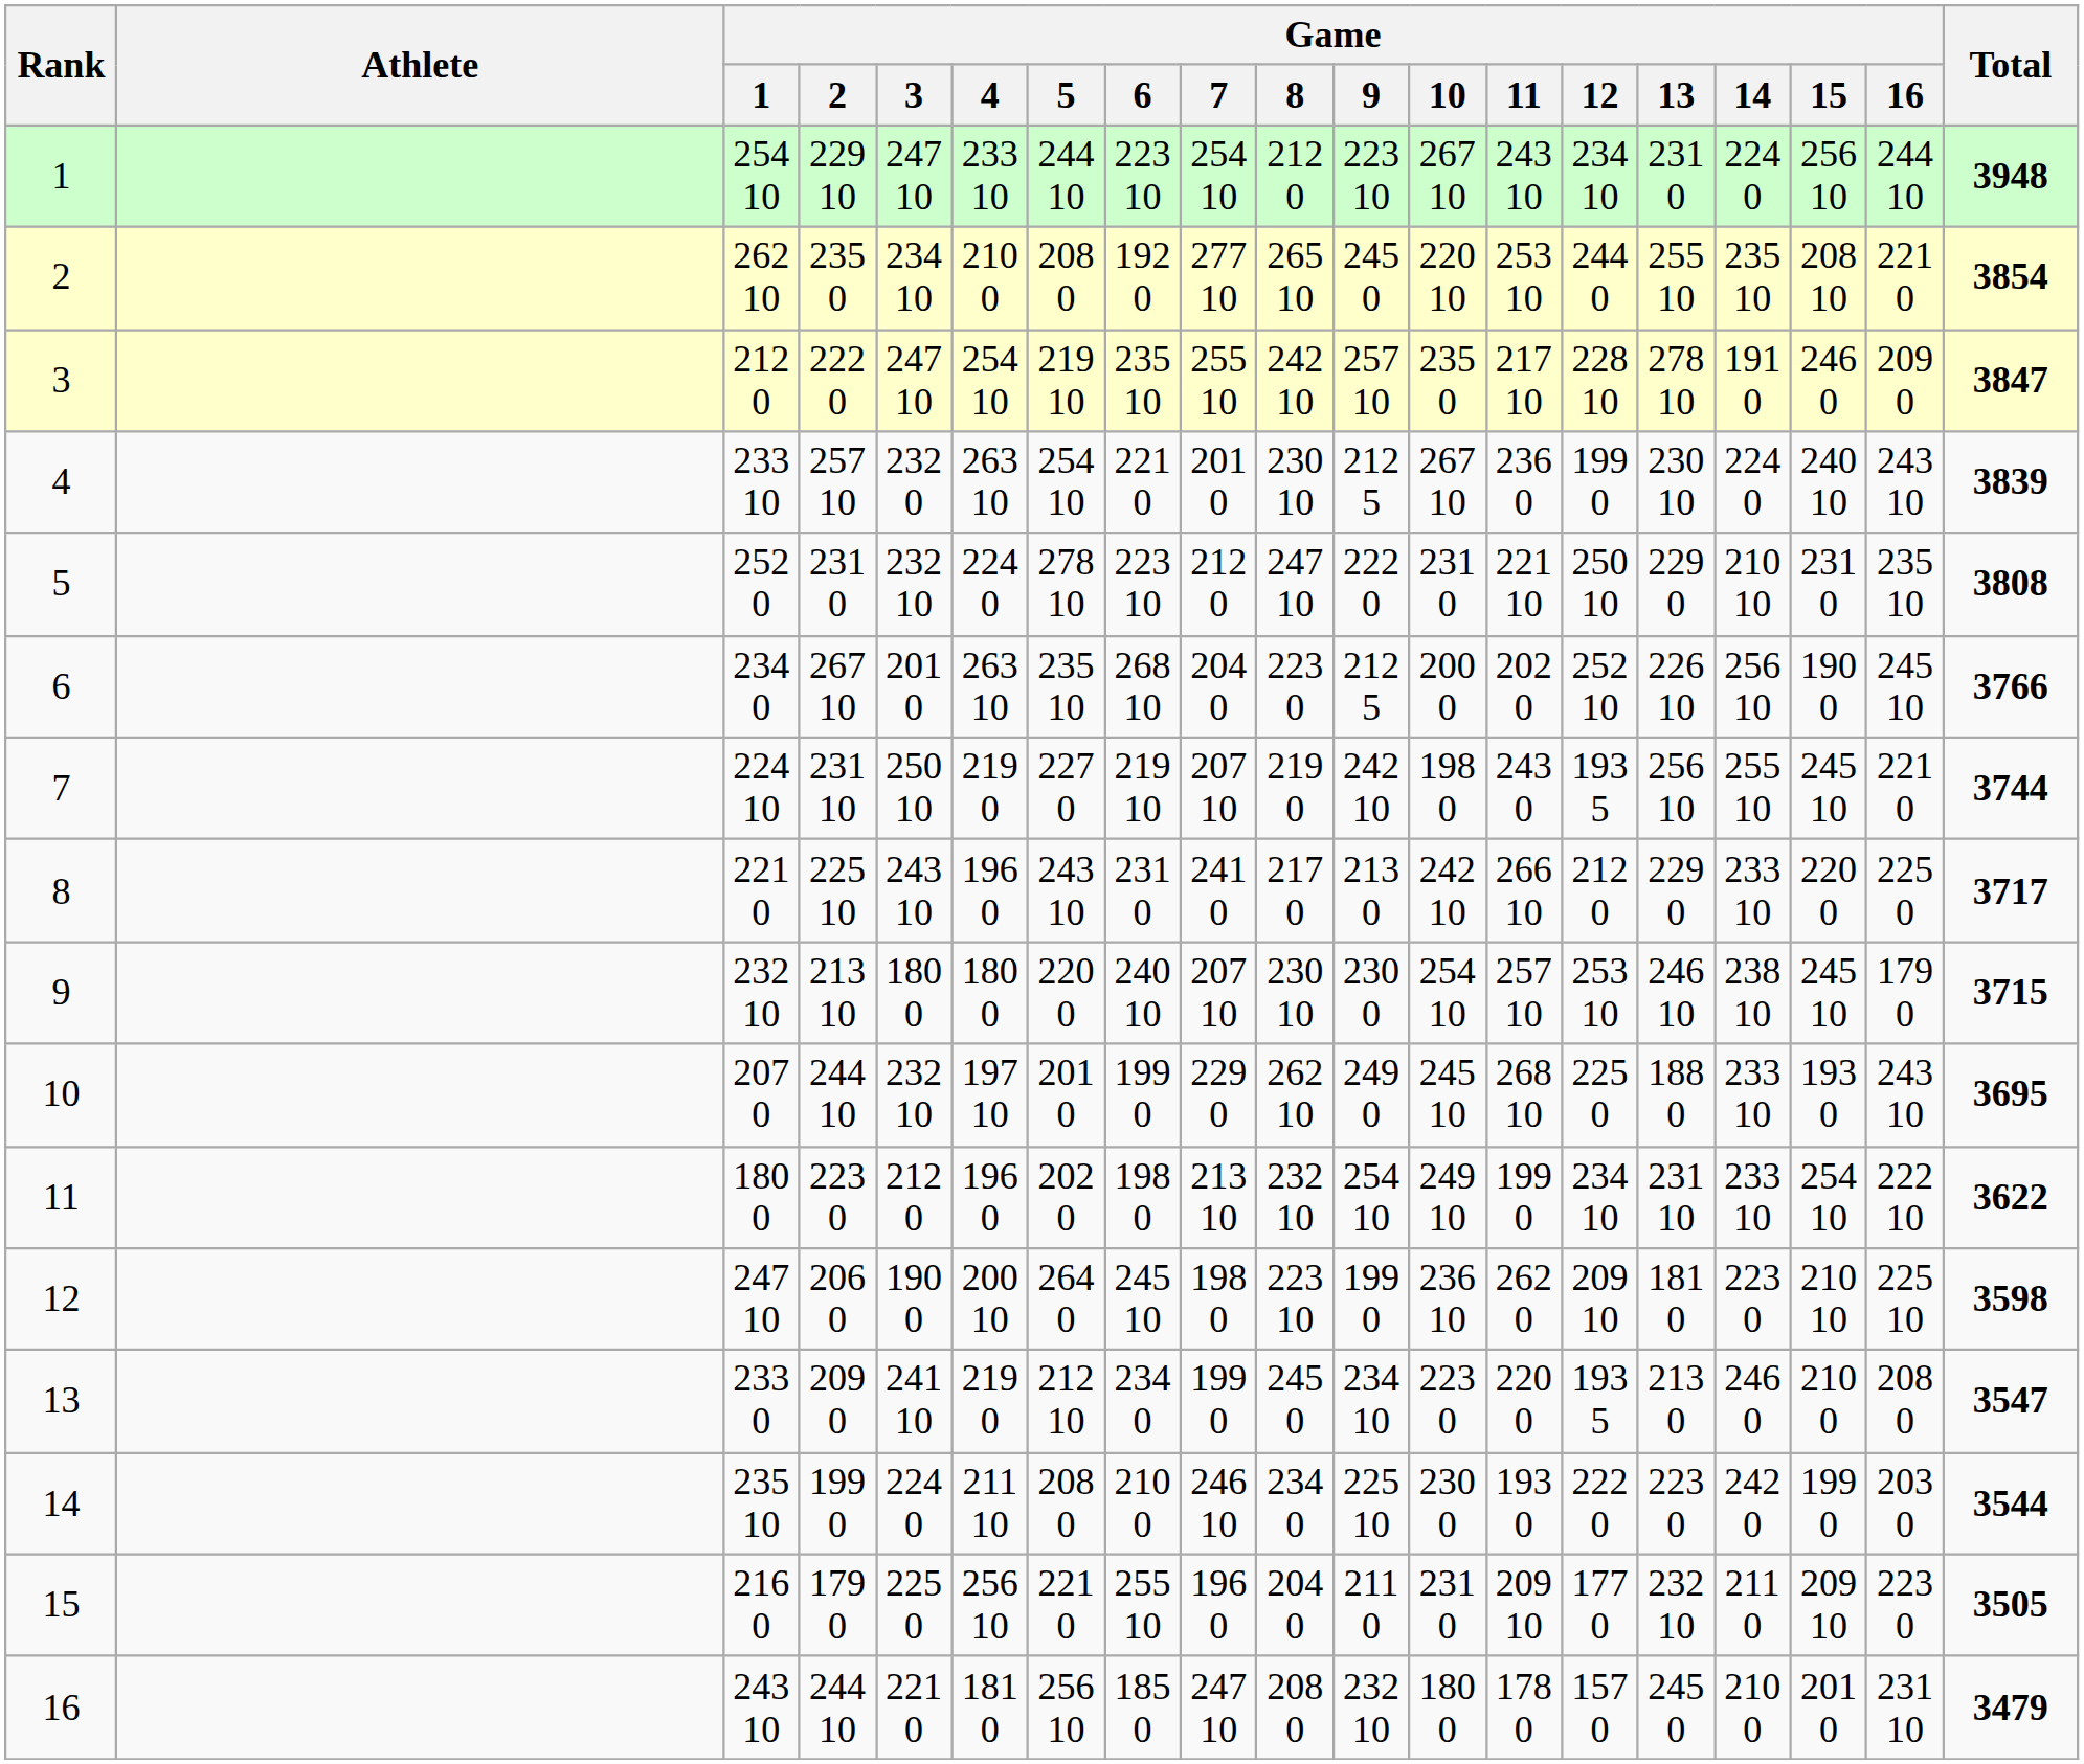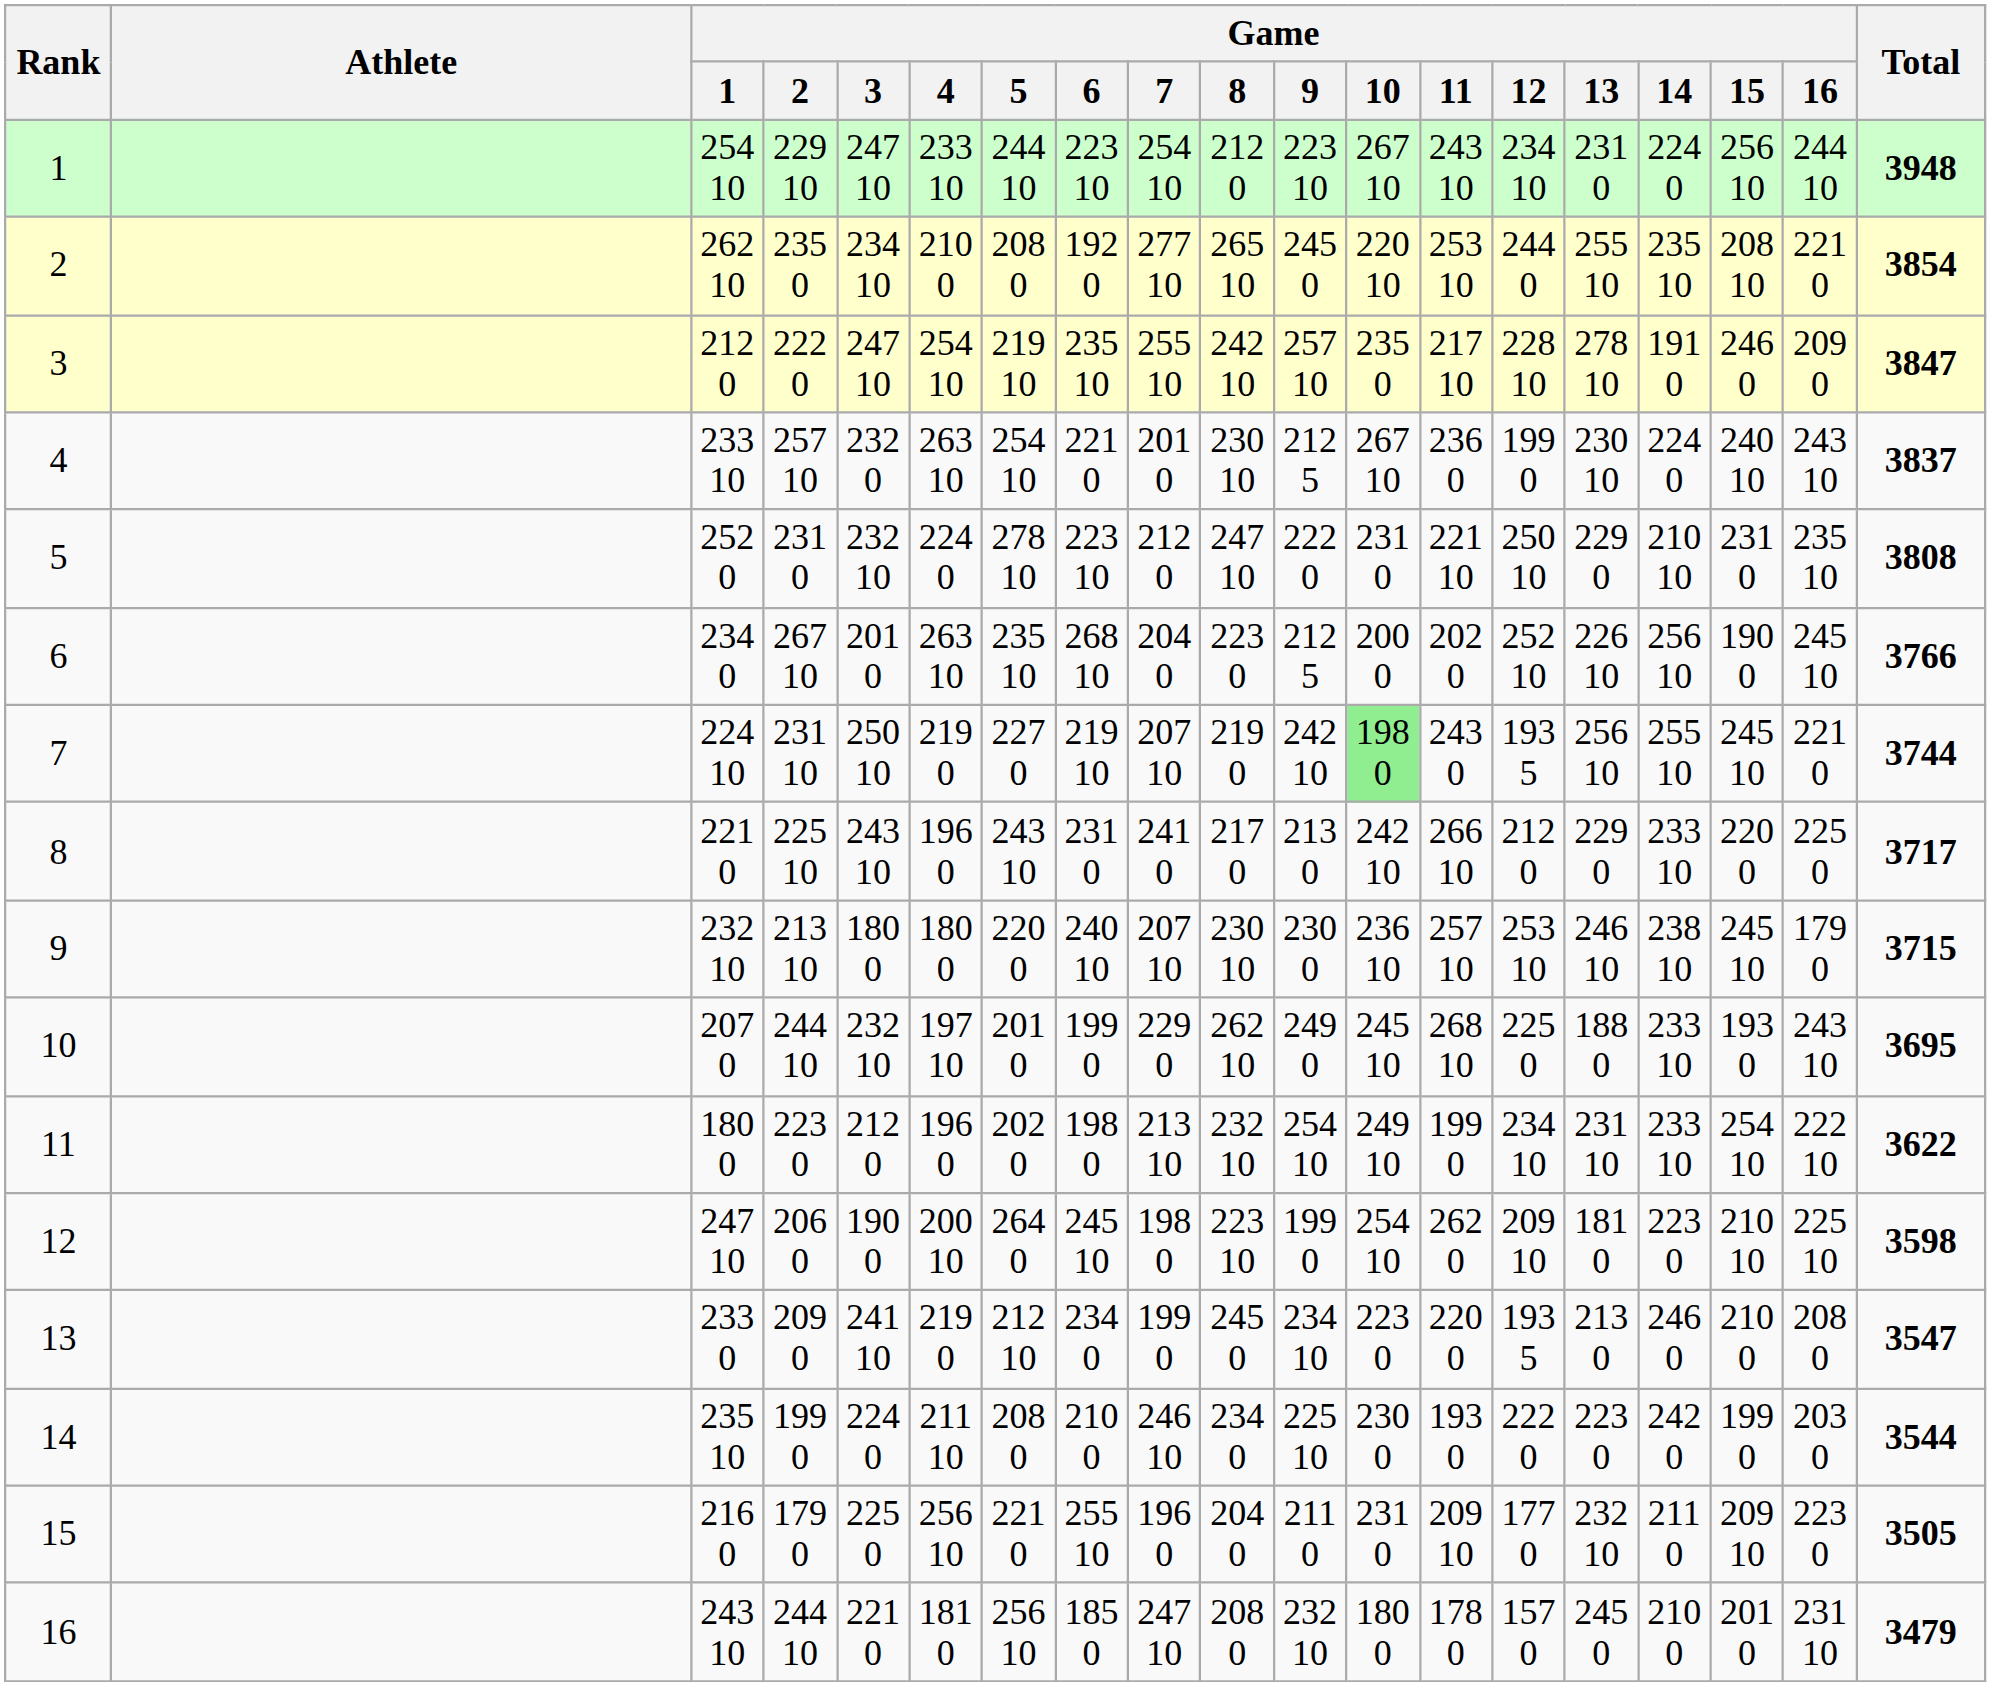 <table class=wikitable style="text-align:center">
 <tr>
 <th rowspan="2" width=40>Rank</th>
 <th rowspan="2" width=250>Athlete</th>
 <th colspan="16">Game</th>
 <th rowspan="2" width=50>Total</th>
 </tr>
 <tr>
 <th width=25>1</th>
 <th width=25>2</th>
 <th width=25>3</th>
 <th width=25>4</th>
 <th width=25>5</th>
 <th width=25>6</th>
 <th width=25>7</th>
 <th width=25>8</th>
 <th width=25>9</th>
 <th width=25>10</th>
 <th width=25>11</th>
 <th width=25>12</th>
 <th width=25>13</th>
 <th width=25>14</th>
 <th width=25>15</th>
 <th width=25>16</th>
 </tr>
 <tr bgcolor="#ccffcc">
 <td>1</td>
 <td align=left></td>
 <td>254<br>10</td>
 <td>229<br>10</td>
 <td>247<br>10</td>
 <td>233<br>10</td>
 <td>244<br>10</td>
 <td>223<br>10</td>
 <td>254<br>10</td>
 <td>212<br>0</td>
 <td>223<br>10</td>
 <td>267<br>10</td>
 <td>243<br>10</td>
 <td>234<br>10</td>
 <td>231<br>0</td>
 <td>224<br>0</td>
 <td>256<br>10</td>
 <td>244<br>10</td>
 <td><strong>3948</strong></td>
 </tr>
 <tr bgcolor="#ffffcc">
 <td>2</td>
 <td align=left></td>
 <td>262<br>10</td>
 <td>235<br>0</td>
 <td>234<br>10</td>
 <td>210<br>0</td>
 <td>208<br>0</td>
 <td>192<br>0</td>
 <td>277<br>10</td>
 <td>265<br>10</td>
 <td>245<br>0</td>
 <td>220<br>10</td>
 <td>253<br>10</td>
 <td>244<br>0</td>
 <td>255<br>10</td>
 <td>235<br>10</td>
 <td>208<br>10</td>
 <td>221<br>0</td>
 <td><strong>3854</strong></td>
 </tr>
 <tr bgcolor="#ffffcc">
 <td>3</td>
 <td align=left></td>
 <td>212<br>0</td>
 <td>222<br>0</td>
 <td>247<br>10</td>
 <td>254<br>10</td>
 <td>219<br>10</td>
 <td>235<br>10</td>
 <td>255<br>10</td>
 <td>242<br>10</td>
 <td>257<br>10</td>
 <td>235<br>0</td>
 <td>217<br>10</td>
 <td>228<br>10</td>
 <td>278<br>10</td>
 <td>191<br>0</td>
 <td>246<br>0</td>
 <td>209<br>0</td>
 <td><strong>3847</strong></td>
 </tr>
 <tr>
 <td>4</td>
 <td align=left></td>
 <td>233<br>10</td>
 <td>257<br>10</td>
 <td>232<br>0</td>
 <td>263<br>10</td>
 <td>254<br>10</td>
 <td>221<br>0</td>
 <td>201<br>0</td>
 <td>230<br>10</td>
 <td>212<br>5</td>
 <td>267<br>10</td>
 <td>236<br>0</td>
 <td>199<br>0</td>
 <td>230<br>10</td>
 <td>224<br>0</td>
 <td>240<br>10</td>
 <td>243<br>10</td>
-<td><strong>3839</strong></td>
+<td><strong>3837</strong></td>
 </tr>
 <tr>
 <td>5</td>
 <td align=left></td>
 <td>252<br>0</td>
 <td>231<br>0</td>
 <td>232<br>10</td>
 <td>224<br>0</td>
 <td>278<br>10</td>
 <td>223<br>10</td>
 <td>212<br>0</td>
 <td>247<br>10</td>
 <td>222<br>0</td>
 <td>231<br>0</td>
 <td>221<br>10</td>
 <td>250<br>10</td>
 <td>229<br>0</td>
 <td>210<br>10</td>
 <td>231<br>0</td>
 <td>235<br>10</td>
 <td><strong>3808</strong></td>
 </tr>
 <tr>
 <td>6</td>
 <td align=left></td>
 <td>234<br>0</td>
 <td>267<br>10</td>
 <td>201<br>0</td>
 <td>263<br>10</td>
 <td>235<br>10</td>
 <td>268<br>10</td>
 <td>204<br>0</td>
 <td>223<br>0</td>
 <td>212<br>5</td>
 <td>200<br>0</td>
 <td>202<br>0</td>
 <td>252<br>10</td>
 <td>226<br>10</td>
 <td>256<br>10</td>
 <td>190<br>0</td>
 <td>245<br>10</td>
 <td><strong>3766</strong></td>
 </tr>
 <tr>
 <td>7</td>
 <td align=left></td>
 <td>224<br>10</td>
 <td>231<br>10</td>
 <td>250<br>10</td>
 <td>219<br>0</td>
 <td>227<br>0</td>
 <td>219<br>10</td>
 <td>207<br>10</td>
 <td>219<br>0</td>
 <td>242<br>10</td>
-<td>198<br>0</td>
+<td style="background: lightgreen;">198<br>0</td>
 <td>243<br>0</td>
 <td>193<br>5</td>
 <td>256<br>10</td>
 <td>255<br>10</td>
 <td>245<br>10</td>
 <td>221<br>0</td>
 <td><strong>3744</strong></td>
 </tr>
 <tr>
 <td>8</td>
 <td align=left></td>
 <td>221<br>0</td>
 <td>225<br>10</td>
 <td>243<br>10</td>
 <td>196<br>0</td>
 <td>243<br>10</td>
 <td>231<br>0</td>
 <td>241<br>0</td>
 <td>217<br>0</td>
 <td>213<br>0</td>
 <td>242<br>10</td>
 <td>266<br>10</td>
 <td>212<br>0</td>
 <td>229<br>0</td>
 <td>233<br>10</td>
 <td>220<br>0</td>
 <td>225<br>0</td>
 <td><strong>3717</strong></td>
 </tr>
 <tr>
 <td>9</td>
 <td align=left></td>
 <td>232<br>10</td>
 <td>213<br>10</td>
 <td>180<br>0</td>
 <td>180<br>0</td>
 <td>220<br>0</td>
 <td>240<br>10</td>
 <td>207<br>10</td>
 <td>230<br>10</td>
 <td>230<br>0</td>
-<td>254<br>10</td>
+<td>236<br>10</td>
 <td>257<br>10</td>
 <td>253<br>10</td>
 <td>246<br>10</td>
 <td>238<br>10</td>
 <td>245<br>10</td>
 <td>179<br>0</td>
 <td><strong>3715</strong></td>
 </tr>
 <tr>
 <td>10</td>
 <td align=left></td>
 <td>207<br>0</td>
 <td>244<br>10</td>
 <td>232<br>10</td>
 <td>197<br>10</td>
 <td>201<br>0</td>
 <td>199<br>0</td>
 <td>229<br>0</td>
 <td>262<br>10</td>
 <td>249<br>0</td>
 <td>245<br>10</td>
 <td>268<br>10</td>
 <td>225<br>0</td>
 <td>188<br>0</td>
 <td>233<br>10</td>
 <td>193<br>0</td>
 <td>243<br>10</td>
 <td><strong>3695</strong></td>
 </tr>
 <tr>
 <td>11</td>
 <td align=left></td>
 <td>180<br>0</td>
 <td>223<br>0</td>
 <td>212<br>0</td>
 <td>196<br>0</td>
 <td>202<br>0</td>
 <td>198<br>0</td>
 <td>213<br>10</td>
 <td>232<br>10</td>
 <td>254<br>10</td>
 <td>249<br>10</td>
 <td>199<br>0</td>
 <td>234<br>10</td>
 <td>231<br>10</td>
 <td>233<br>10</td>
 <td>254<br>10</td>
 <td>222<br>10</td>
 <td><strong>3622</strong></td>
 </tr>
 <tr>
 <td>12</td>
 <td align=left></td>
 <td>247<br>10</td>
 <td>206<br>0</td>
 <td>190<br>0</td>
 <td>200<br>10</td>
 <td>264<br>0</td>
 <td>245<br>10</td>
 <td>198<br>0</td>
 <td>223<br>10</td>
 <td>199<br>0</td>
-<td>236<br>10</td>
+<td>254<br>10</td>
 <td>262<br>0</td>
 <td>209<br>10</td>
 <td>181<br>0</td>
 <td>223<br>0</td>
 <td>210<br>10</td>
 <td>225<br>10</td>
 <td><strong>3598</strong></td>
 </tr>
 <tr>
 <td>13</td>
 <td align=left></td>
 <td>233<br>0</td>
 <td>209<br>0</td>
 <td>241<br>10</td>
 <td>219<br>0</td>
 <td>212<br>10</td>
 <td>234<br>0</td>
 <td>199<br>0</td>
 <td>245<br>0</td>
 <td>234<br>10</td>
 <td>223<br>0</td>
 <td>220<br>0</td>
 <td>193<br>5</td>
 <td>213<br>0</td>
 <td>246<br>0</td>
 <td>210<br>0</td>
 <td>208<br>0</td>
 <td><strong>3547</strong></td>
 </tr>
 <tr>
 <td>14</td>
 <td align=left></td>
 <td>235<br>10</td>
 <td>199<br>0</td>
 <td>224<br>0</td>
 <td>211<br>10</td>
 <td>208<br>0</td>
 <td>210<br>0</td>
 <td>246<br>10</td>
 <td>234<br>0</td>
 <td>225<br>10</td>
 <td>230<br>0</td>
 <td>193<br>0</td>
 <td>222<br>0</td>
 <td>223<br>0</td>
 <td>242<br>0</td>
 <td>199<br>0</td>
 <td>203<br>0</td>
 <td><strong>3544</strong></td>
 </tr>
 <tr>
 <td>15</td>
 <td align=left></td>
 <td>216<br>0</td>
 <td>179<br>0</td>
 <td>225<br>0</td>
 <td>256<br>10</td>
 <td>221<br>0</td>
 <td>255<br>10</td>
 <td>196<br>0</td>
 <td>204<br>0</td>
 <td>211<br>0</td>
 <td>231<br>0</td>
 <td>209<br>10</td>
 <td>177<br>0</td>
 <td>232<br>10</td>
 <td>211<br>0</td>
 <td>209<br>10</td>
 <td>223<br>0</td>
 <td><strong>3505</strong></td>
 </tr>
 <tr>
 <td>16</td>
 <td align=left></td>
 <td>243<br>10</td>
 <td>244<br>10</td>
 <td>221<br>0</td>
 <td>181<br>0</td>
 <td>256<br>10</td>
 <td>185<br>0</td>
 <td>247<br>10</td>
 <td>208<br>0</td>
 <td>232<br>10</td>
 <td>180<br>0</td>
 <td>178<br>0</td>
 <td>157<br>0</td>
 <td>245<br>0</td>
 <td>210<br>0</td>
 <td>201<br>0</td>
 <td>231<br>10</td>
 <td><strong>3479</strong></td>
 </tr>
 </table>
